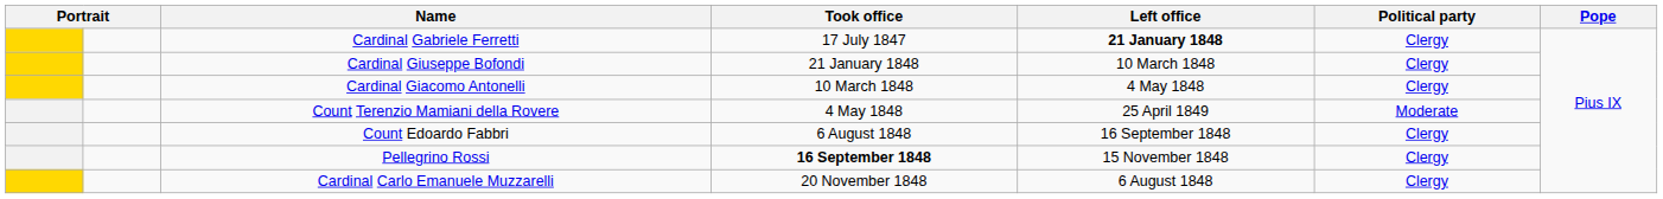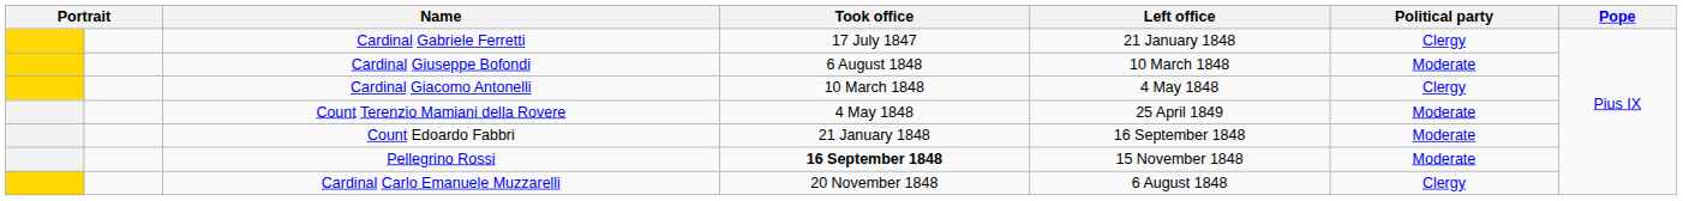 <table class="wikitable" style="width:90%; text-align:center;">
 <tr>
 <th width=70 colspan=2>Portrait</th>
 <th>Name<br></th>
 <th>Took office</th>
 <th>Left office</th>
 <th>Political party</th>
 <th><a href='#'>Pope</a><br></th>
 </tr>
 <tr>
 <th style="background:#FFD801;"></th>
 <td></td>
 <td><a href='#'>Cardinal</a> <a href='#'>Gabriele Ferretti</a><br></td>
 <td>17 July 1847</td>
-<td><strong>21 January 1848</strong></td>
+<td>21 January 1848</td>
 <td><a href='#'>Clergy</a></td>
 <td rowspan=7><a href='#'>Pius IX</a><br><br></td>
 </tr>
 <tr>
 <th style="background:#FFD801;"></th>
 <td></td>
 <td><a href='#'>Cardinal</a> <a href='#'>Giuseppe Bofondi</a><br></td>
-<td>21 January 1848</td>
+<td>6 August 1848</td>
 <td>10 March 1848</td>
-<td><a href='#'>Clergy</a></td>
+<td><a href='#'>Moderate</a></td>
 </tr>
 <tr>
 <th style="background:#FFD801;"></th>
 <td></td>
 <td><a href='#'>Cardinal</a> <a href='#'>Giacomo Antonelli</a><br></td>
 <td>10 March 1848</td>
 <td>4 May 1848</td>
 <td><a href='#'>Clergy</a></td>
 </tr>
 <tr>
 <th style="background:"></th>
 <td></td>
 <td><a href='#'>Count</a> <a href='#'>Terenzio Mamiani della Rovere</a><br></td>
 <td>4 May 1848</td>
 <td>25 April 1849</td>
 <td><a href='#'>Moderate</a></td>
 </tr>
 <tr>
 <th style="background:"></th>
 <td></td>
 <td><a href='#'>Count</a> Edoardo Fabbri<br></td>
-<td>6 August 1848</td>
+<td>21 January 1848</td>
 <td>16 September 1848</td>
-<td><a href='#'>Clergy</a></td>
+<td><a href='#'>Moderate</a></td>
 </tr>
 <tr>
 <th style="background:"></th>
 <td></td>
 <td><a href='#'>Pellegrino Rossi</a><br></td>
 <td><strong>16 September 1848</strong></td>
 <td>15 November 1848</td>
-<td><a href='#'>Clergy</a></td>
+<td><a href='#'>Moderate</a></td>
 </tr>
 <tr>
 <th style="background:#FFD801;"></th>
 <td></td>
 <td><a href='#'>Cardinal</a> <a href='#'>Carlo Emanuele Muzzarelli</a><br></td>
 <td>20 November 1848</td>
 <td>6 August 1848</td>
 <td><a href='#'>Clergy</a></td>
 </tr>
 </table>
